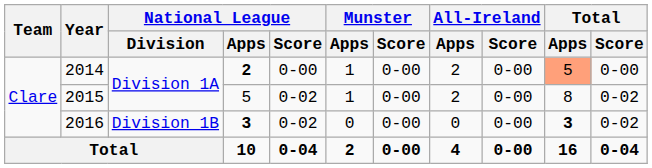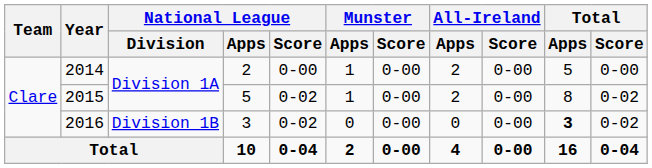 <table class="wikitable" style="text-align:center">
 <tr>
 <th rowspan="2">Team</th>
 <th rowspan="2">Year</th>
 <th colspan="3"><a href='#'>National League</a></th>
 <th colspan="2"><a href='#'>Munster</a></th>
 <th colspan="2"><a href='#'>All-Ireland</a></th>
 <th colspan="2">Total</th>
 </tr>
 <tr>
 <th>Division</th>
 <th>Apps</th>
 <th>Score</th>
 <th>Apps</th>
 <th>Score</th>
 <th>Apps</th>
 <th>Score</th>
 <th>Apps</th>
 <th>Score</th>
 </tr>
 <tr>
 <td rowspan="3"><a href='#'>Clare</a></td>
 <td>2014</td>
 <td rowspan="2"><a href='#'>Division 1A</a></td>
-<td><strong>2</strong></td>
+<td>2</td>
 <td>0-00</td>
 <td>1</td>
 <td>0-00</td>
 <td>2</td>
 <td>0-00</td>
-<td style="background: lightsalmon;">5</td>
+<td>5</td>
 <td>0-00</td>
 </tr>
 <tr>
 <td>2015</td>
 <td>5</td>
 <td>0-02</td>
 <td>1</td>
 <td>0-00</td>
 <td>2</td>
 <td>0-00</td>
 <td>8</td>
 <td>0-02</td>
 </tr>
 <tr>
 <td>2016</td>
 <td rowspan="1"><a href='#'>Division 1B</a></td>
-<td><strong>3</strong></td>
+<td>3</td>
 <td>0-02</td>
 <td>0</td>
 <td>0-00</td>
 <td>0</td>
 <td>0-00</td>
 <td><strong>3</strong></td>
 <td>0-02</td>
 </tr>
 <tr>
 <th colspan="3">Total</th>
 <td><strong>10</strong></td>
 <td><strong>0-04</strong></td>
 <td><strong>2</strong></td>
 <td><strong>0-00</strong></td>
 <td><strong>4</strong></td>
 <td><strong>0-00</strong></td>
 <td><strong>16</strong></td>
 <td><strong>0-04</strong></td>
 </tr>
 </table>
